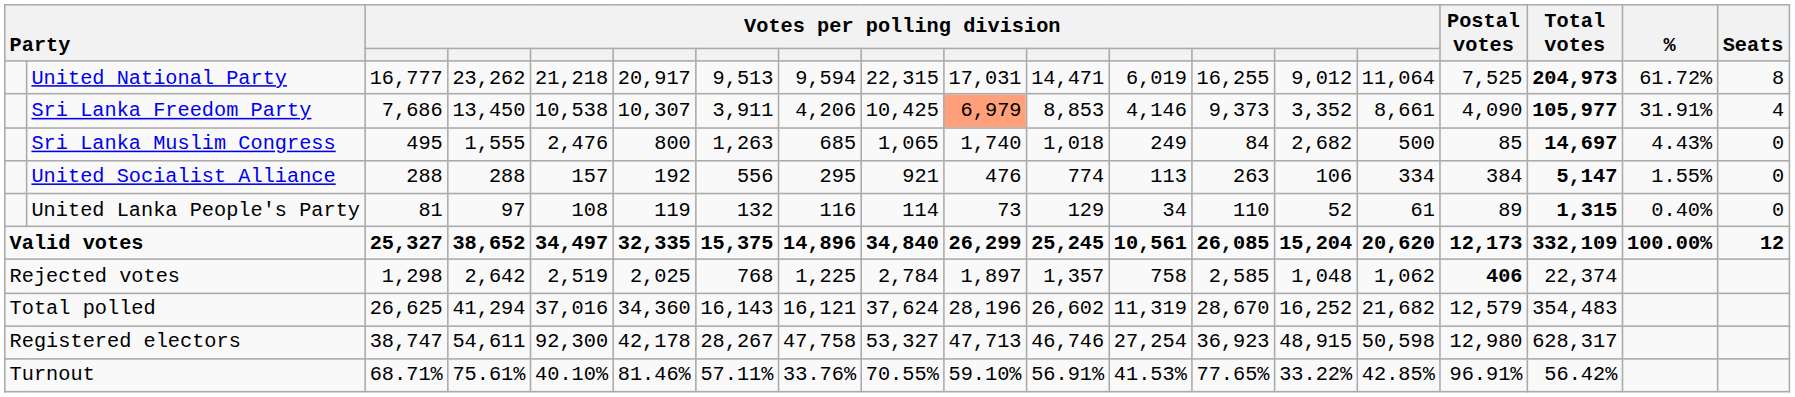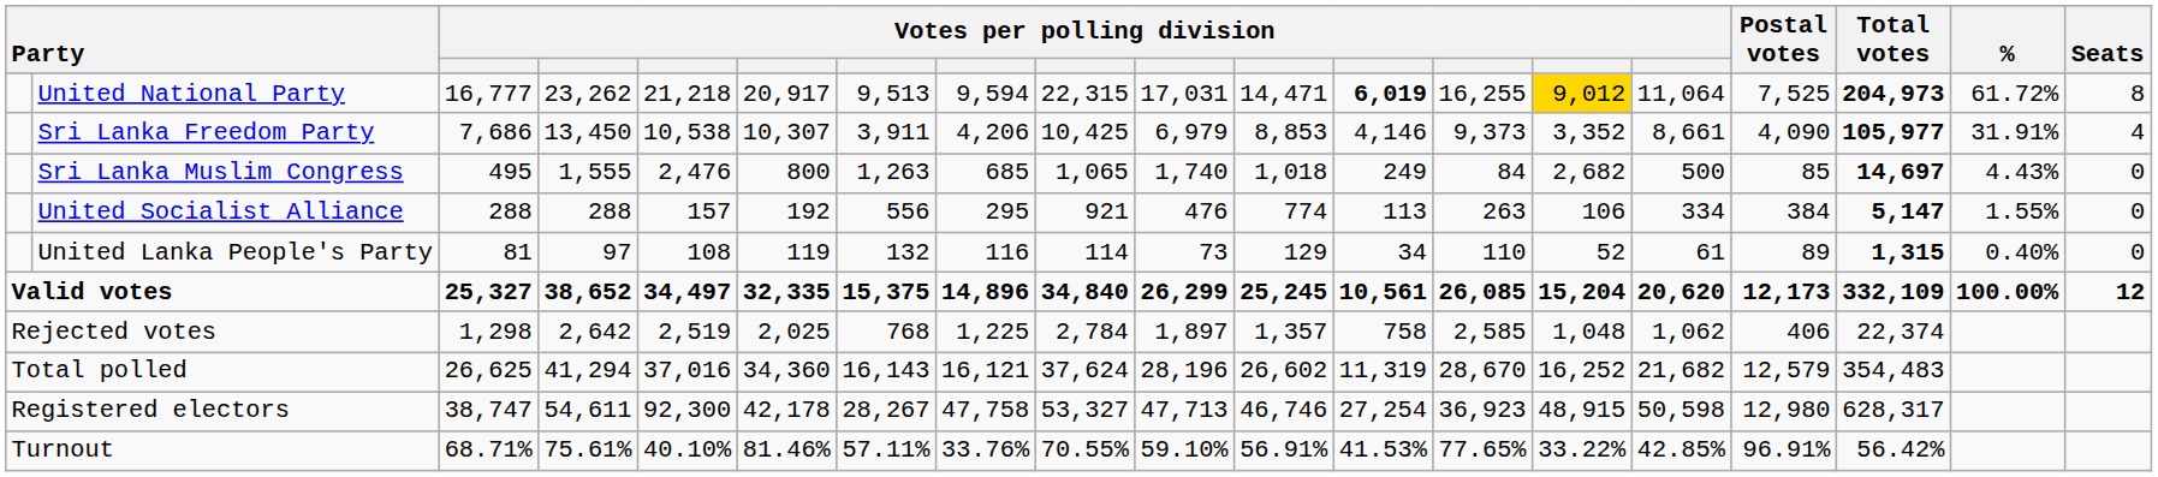 <table class="wikitable" border="1" style="text-align:right;">
 <tr>
 <th style="text-align:left; vertical-align:bottom;" rowspan="2" colspan="2">Party</th>
 <th colspan=13>Votes per polling division</th>
 <th rowspan="2" style="vertical-align:bottom; text-align:center; width:50px;">Postal<br>votes</th>
 <th rowspan="2" style="vertical-align:bottom; text-align:center; width:50px;">Total votes</th>
 <th rowspan="2" style="vertical-align:bottom; text-align:center; width:50px;">%</th>
 <th rowspan="2" style="vertical-align:bottom; text-align:center; width:40px;">Seats</th>
 </tr>
 <tr>
 <th></th>
 <th></th>
 <th></th>
 <th></th>
 <th></th>
 <th></th>
 <th></th>
 <th></th>
 <th></th>
 <th></th>
 <th></th>
 <th></th>
 <th></th>
 </tr>
 <tr>
 <td bgcolor=> </td>
 <td align=left><a href='#'>United National Party</a></td>
 <td>16,777</td>
 <td>23,262</td>
 <td>21,218</td>
 <td>20,917</td>
 <td>9,513</td>
 <td>9,594</td>
 <td>22,315</td>
 <td>17,031</td>
 <td>14,471</td>
-<td>6,019</td>
+<td><strong>6,019</strong></td>
 <td>16,255</td>
-<td>9,012</td>
+<td style="background: gold;">9,012</td>
 <td>11,064</td>
 <td>7,525</td>
 <td><strong>204,973</strong></td>
 <td>61.72%</td>
 <td>8</td>
 </tr>
 <tr>
 <td bgcolor=> </td>
 <td align=left><a href='#'>Sri Lanka Freedom Party</a></td>
 <td>7,686</td>
 <td>13,450</td>
 <td>10,538</td>
 <td>10,307</td>
 <td>3,911</td>
 <td>4,206</td>
 <td>10,425</td>
-<td style="background: lightsalmon;">6,979</td>
+<td>6,979</td>
 <td>8,853</td>
 <td>4,146</td>
 <td>9,373</td>
 <td>3,352</td>
 <td>8,661</td>
 <td>4,090</td>
 <td><strong>105,977</strong></td>
 <td>31.91%</td>
 <td>4</td>
 </tr>
 <tr>
 <td bgcolor=> </td>
 <td align=left><a href='#'>Sri Lanka Muslim Congress</a></td>
 <td>495</td>
 <td>1,555</td>
 <td>2,476</td>
 <td>800</td>
 <td>1,263</td>
 <td>685</td>
 <td>1,065</td>
 <td>1,740</td>
 <td>1,018</td>
 <td>249</td>
 <td>84</td>
 <td>2,682</td>
 <td>500</td>
 <td>85</td>
 <td><strong>14,697</strong></td>
 <td>4.43%</td>
 <td>0</td>
 </tr>
 <tr>
 <td bgcolor=> </td>
 <td align=left><a href='#'>United Socialist Alliance</a></td>
 <td>288</td>
 <td>288</td>
 <td>157</td>
 <td>192</td>
 <td>556</td>
 <td>295</td>
 <td>921</td>
 <td>476</td>
 <td>774</td>
 <td>113</td>
 <td>263</td>
 <td>106</td>
 <td>334</td>
 <td>384</td>
 <td><strong>5,147</strong></td>
 <td>1.55%</td>
 <td>0</td>
 </tr>
 <tr>
 <td bgcolor=> </td>
 <td align=left>United Lanka People's Party</td>
 <td>81</td>
 <td>97</td>
 <td>108</td>
 <td>119</td>
 <td>132</td>
 <td>116</td>
 <td>114</td>
 <td>73</td>
 <td>129</td>
 <td>34</td>
 <td>110</td>
 <td>52</td>
 <td>61</td>
 <td>89</td>
 <td><strong>1,315</strong></td>
 <td>0.40%</td>
 <td>0</td>
 </tr>
 <tr>
 <td align=left colspan=2><strong>Valid votes</strong></td>
 <td><strong>25,327</strong></td>
 <td><strong>38,652</strong></td>
 <td><strong>34,497</strong></td>
 <td><strong>32,335</strong></td>
 <td><strong>15,375</strong></td>
 <td><strong>14,896</strong></td>
 <td><strong>34,840</strong></td>
 <td><strong>26,299</strong></td>
 <td><strong>25,245</strong></td>
 <td><strong>10,561</strong></td>
 <td><strong>26,085</strong></td>
 <td><strong>15,204</strong></td>
 <td><strong>20,620</strong></td>
 <td><strong>12,173</strong></td>
 <td><strong>332,109</strong></td>
 <td><strong>100.00%</strong></td>
 <td><strong>12</strong></td>
 </tr>
 <tr>
 <td align=left colspan=2>Rejected votes</td>
 <td>1,298</td>
 <td>2,642</td>
 <td>2,519</td>
 <td>2,025</td>
 <td>768</td>
 <td>1,225</td>
 <td>2,784</td>
 <td>1,897</td>
 <td>1,357</td>
 <td>758</td>
 <td>2,585</td>
 <td>1,048</td>
 <td>1,062</td>
-<td><strong>406</strong></td>
+<td>406</td>
 <td>22,374</td>
 <td></td>
 <td></td>
 </tr>
 <tr>
 <td align=left colspan=2>Total polled</td>
 <td>26,625</td>
 <td>41,294</td>
 <td>37,016</td>
 <td>34,360</td>
 <td>16,143</td>
 <td>16,121</td>
 <td>37,624</td>
 <td>28,196</td>
 <td>26,602</td>
 <td>11,319</td>
 <td>28,670</td>
 <td>16,252</td>
 <td>21,682</td>
 <td>12,579</td>
 <td>354,483</td>
 <td></td>
 <td></td>
 </tr>
 <tr>
 <td align=left colspan=2>Registered electors</td>
 <td>38,747</td>
 <td>54,611</td>
 <td>92,300</td>
 <td>42,178</td>
 <td>28,267</td>
 <td>47,758</td>
 <td>53,327</td>
 <td>47,713</td>
 <td>46,746</td>
 <td>27,254</td>
 <td>36,923</td>
 <td>48,915</td>
 <td>50,598</td>
 <td>12,980</td>
 <td>628,317</td>
 <td></td>
 <td></td>
 </tr>
 <tr>
 <td align=left colspan=2>Turnout</td>
 <td>68.71%</td>
 <td>75.61%</td>
 <td>40.10%</td>
 <td>81.46%</td>
 <td>57.11%</td>
 <td>33.76%</td>
 <td>70.55%</td>
 <td>59.10%</td>
 <td>56.91%</td>
 <td>41.53%</td>
 <td>77.65%</td>
 <td>33.22%</td>
 <td>42.85%</td>
 <td>96.91%</td>
 <td>56.42%</td>
 <td></td>
 <td></td>
 </tr>
 </table>
